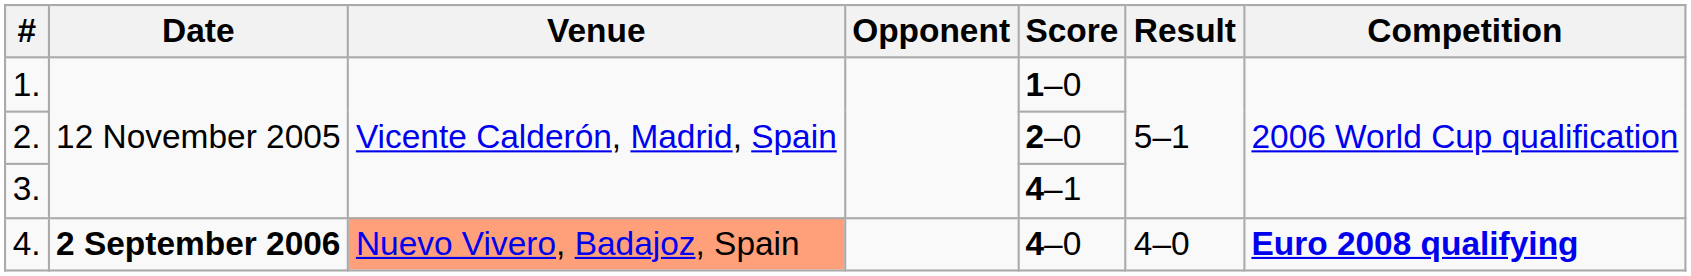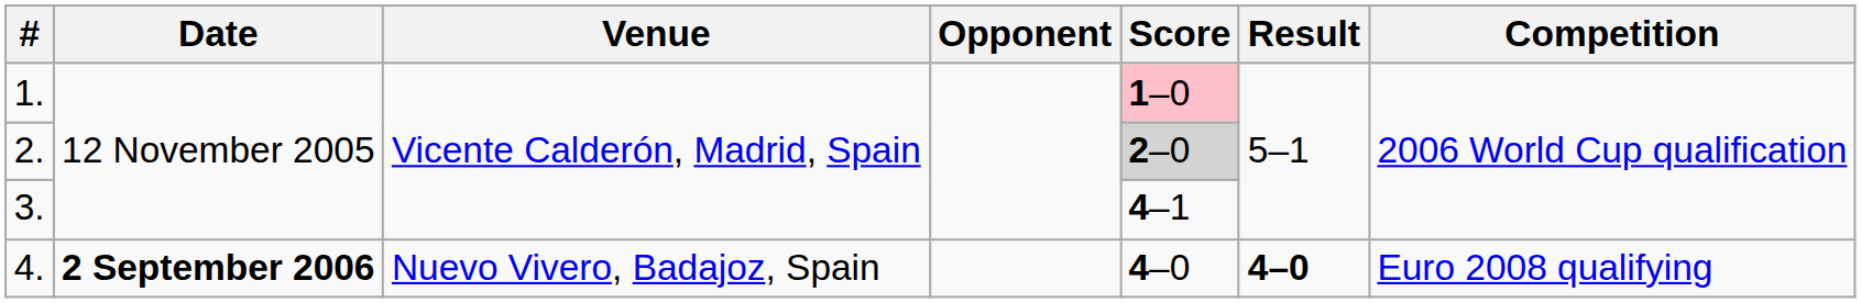 <table class="wikitable">
 <tr>
 <th>#</th>
 <th>Date</th>
 <th>Venue</th>
 <th>Opponent</th>
 <th>Score</th>
 <th>Result</th>
 <th>Competition</th>
 </tr>
 <tr>
 <td>1.</td>
 <td rowspan=3>12 November 2005</td>
 <td rowspan=3><a href='#'>Vicente Calderón</a>, <a href='#'>Madrid</a>, <a href='#'>Spain</a></td>
 <td rowspan=3></td>
-<td><strong>1</strong>–0</td>
+<td style="background: pink;"><strong>1</strong>–0</td>
 <td rowspan=3>5–1</td>
 <td rowspan=3><a href='#'>2006 World Cup qualification</a></td>
 </tr>
 <tr>
 <td>2.</td>
-<td><strong>2</strong>–0</td>
+<td style="background: lightgrey;"><strong>2</strong>–0</td>
 </tr>
 <tr>
 <td>3.</td>
 <td><strong>4</strong>–1</td>
 </tr>
 <tr>
 <td>4.</td>
 <td><strong>2 September 2006</strong></td>
-<td style="background: lightsalmon;"><a href='#'>Nuevo Vivero</a>, <a href='#'>Badajoz</a>, Spain</td>
+<td><a href='#'>Nuevo Vivero</a>, <a href='#'>Badajoz</a>, Spain</td>
 <td></td>
 <td><strong>4</strong>–0</td>
-<td>4–0</td>
-<td><strong><a href='#'>Euro 2008 qualifying</a></strong></td>
+<td><strong>4–0</strong></td>
+<td><a href='#'>Euro 2008 qualifying</a></td>
 </tr>
 </table>
